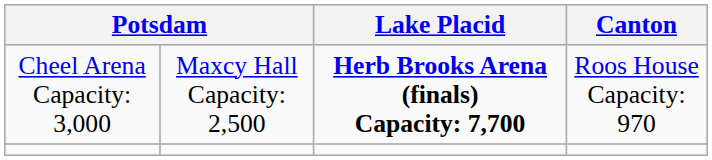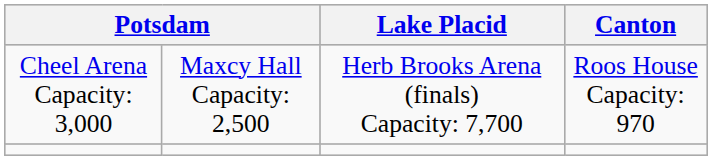 <table class="wikitable" style="text-align:center;" width=440px>
 <tr>
 <th colspan=2><a href='#'>Potsdam</a></th>
 <th><a href='#'>Lake Placid</a></th>
 <th><a href='#'>Canton</a></th>
 </tr>
 <tr>
 <td><a href='#'>Cheel Arena</a><br>Capacity: 3,000</td>
 <td><a href='#'>Maxcy Hall</a><br>Capacity: 2,500</td>
-<td><strong><a href='#'>Herb Brooks Arena</a> (finals)<br>Capacity: 7,700</strong></td>
+<td><a href='#'>Herb Brooks Arena</a> (finals)<br>Capacity: 7,700</td>
 <td><a href='#'>Roos House</a><br>Capacity: 970</td>
 </tr>
 <tr>
 <td></td>
 <td></td>
 <td></td>
 <td></td>
 </tr>
 </table>
